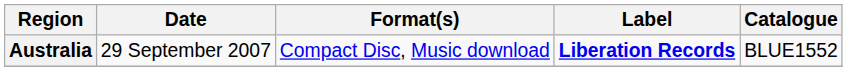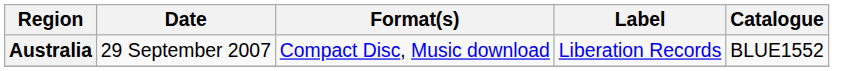 <table class="wikitable plainrowheaders">
 <tr>
 <th scope="col">Region</th>
 <th scope="col">Date</th>
 <th scope="col">Format(s)</th>
 <th scope="col">Label</th>
 <th scope="col">Catalogue</th>
 </tr>
 <tr>
 <th scope="row">Australia</th>
 <td>29 September 2007 </td>
 <td><a href='#'>Compact Disc</a>, <a href='#'>Music download</a></td>
-<td><strong><a href='#'>Liberation Records</a></strong></td>
+<td><a href='#'>Liberation Records</a></td>
 <td>BLUE1552</td>
 </tr>
 <tr>
 </tr>
 </table>
